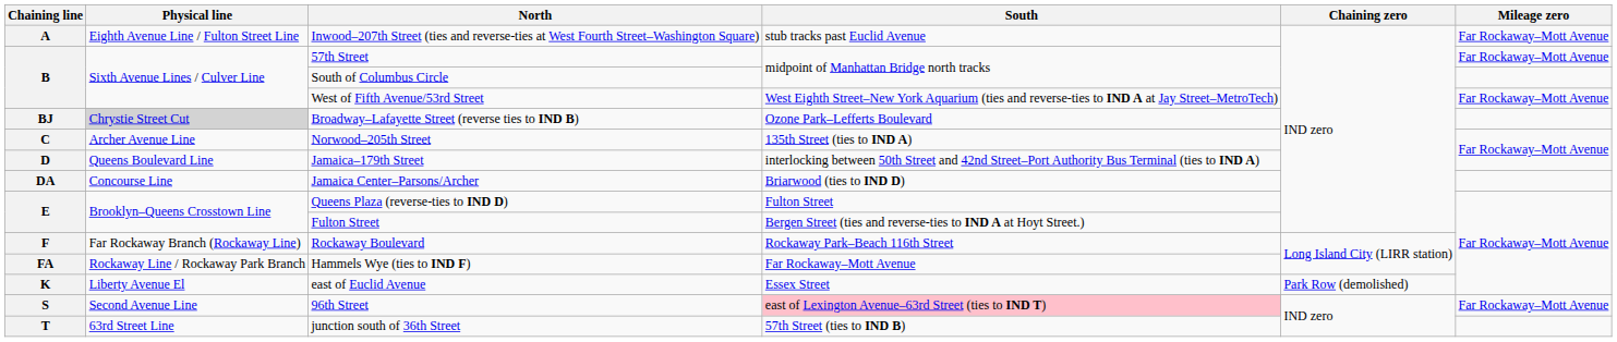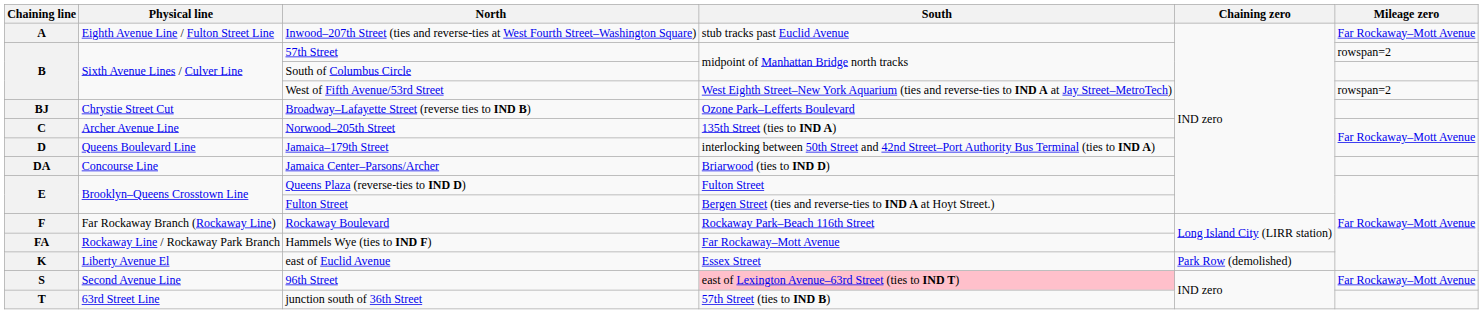 <table class="wikitable">
 <tr>
 <th>Chaining line</th>
 <th>Physical line</th>
 <th>North</th>
 <th>South</th>
 <th>Chaining zero</th>
 <th>Mileage zero</th>
 </tr>
 <tr>
 <th>A</th>
 <td><a href='#'>Eighth Avenue Line</a> / <a href='#'>Fulton Street Line</a></td>
 <td><a href='#'>Inwood–207th Street</a> (ties and reverse-ties at <a href='#'>West Fourth Street–Washington Square</a>)</td>
 <td>stub tracks past <a href='#'>Euclid Avenue</a></td>
 <td rowspan=10>IND zero</td>
 <td><a href='#'>Far Rockaway–Mott Avenue</a></td>
 </tr>
 <tr>
 <th rowspan=3>B</th>
 <td rowspan=3><a href='#'>Sixth Avenue Lines</a> / <a href='#'>Culver Line</a></td>
 <td><a href='#'>57th Street</a></td>
 <td rowspan=2>midpoint of <a href='#'>Manhattan Bridge</a> north tracks</td>
-<td><a href='#'>Far Rockaway–Mott Avenue</a></td>
+<td>rowspan=2 </td>
 </tr>
 <tr>
 <td>South of <a href='#'>Columbus Circle</a></td>
 </tr>
 <tr>
 <td>West of <a href='#'>Fifth Avenue/53rd Street</a></td>
 <td><a href='#'>West Eighth Street–New York Aquarium</a> (ties and reverse-ties to <strong>IND A</strong> at <a href='#'>Jay Street–MetroTech</a>)</td>
-<td><a href='#'>Far Rockaway–Mott Avenue</a></td>
+<td>rowspan=2 </td>
 </tr>
 <tr>
 <th>BJ</th>
-<td style="background: lightgrey;"><a href='#'>Chrystie Street Cut</a></td>
+<td><a href='#'>Chrystie Street Cut</a></td>
 <td><a href='#'>Broadway–Lafayette Street</a> (reverse ties to <strong>IND B</strong>)</td>
 <td><a href='#'>Ozone Park–Lefferts Boulevard</a></td>
 <td></td>
 </tr>
 <tr>
 <th>C</th>
 <td><a href='#'>Archer Avenue Line</a></td>
 <td><a href='#'>Norwood–205th Street</a></td>
 <td><a href='#'>135th Street</a> (ties to <strong>IND A</strong>)</td>
 <td rowspan=2><a href='#'>Far Rockaway–Mott Avenue</a></td>
 </tr>
 <tr>
 <th>D</th>
 <td><a href='#'>Queens Boulevard Line</a></td>
 <td><a href='#'>Jamaica–179th Street</a></td>
 <td>interlocking between <a href='#'>50th Street</a> and <a href='#'>42nd Street–Port Authority Bus Terminal</a> (ties to <strong>IND A</strong>)</td>
 </tr>
 <tr>
 <th>DA</th>
 <td><a href='#'>Concourse Line</a></td>
 <td><a href='#'>Jamaica Center–Parsons/Archer</a></td>
 <td><a href='#'>Briarwood</a> (ties to <strong>IND D</strong>)</td>
 <td></td>
 </tr>
 <tr>
 <th rowspan=2>E</th>
 <td rowspan=2><a href='#'>Brooklyn–Queens Crosstown Line</a></td>
 <td><a href='#'>Queens Plaza</a> (reverse-ties to <strong>IND D</strong>)</td>
 <td><a href='#'>Fulton Street</a></td>
 <td rowspan=5><a href='#'>Far Rockaway–Mott Avenue</a></td>
 </tr>
 <tr>
 <td><a href='#'>Fulton Street</a></td>
 <td><a href='#'>Bergen Street</a> (ties and reverse-ties to <strong>IND A</strong> at Hoyt Street.)</td>
 </tr>
 <tr>
 <th>F</th>
 <td>Far Rockaway Branch (<a href='#'>Rockaway Line</a>)</td>
 <td><a href='#'>Rockaway Boulevard</a></td>
 <td><a href='#'>Rockaway Park–Beach 116th Street</a></td>
 <td rowspan=2><a href='#'>Long Island City</a> (LIRR station)</td>
 </tr>
 <tr>
 <th>FA</th>
 <td><a href='#'>Rockaway Line</a> / Rockaway Park Branch</td>
 <td>Hammels Wye (ties to <strong>IND F</strong>)</td>
 <td><a href='#'>Far Rockaway–Mott Avenue</a></td>
 </tr>
 <tr>
 <th>K</th>
 <td><a href='#'>Liberty Avenue El</a></td>
 <td>east of <a href='#'>Euclid Avenue</a></td>
 <td><a href='#'>Essex Street</a></td>
 <td><a href='#'>Park Row</a> (demolished)</td>
 </tr>
 <tr>
 <th>S</th>
 <td><a href='#'>Second Avenue Line</a></td>
 <td><a href='#'>96th Street</a></td>
 <td style="background: pink;">east of <a href='#'>Lexington Avenue–63rd Street</a> (ties to <strong>IND T</strong>)</td>
 <td rowspan=2>IND zero</td>
 <td><a href='#'>Far Rockaway–Mott Avenue</a></td>
 </tr>
 <tr>
 <th>T</th>
 <td><a href='#'>63rd Street Line</a></td>
 <td>junction south of <a href='#'>36th Street</a></td>
 <td><a href='#'>57th Street</a> (ties to <strong>IND B</strong>)</td>
 </tr>
 </table>
